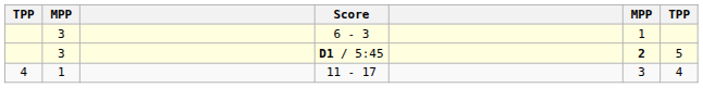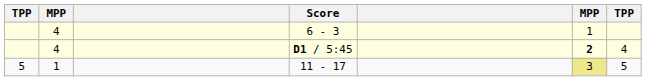 <table class="wikitable" style="text-align: center;" |>
 <tr>
 <th width="35">TPP</th>
 <th width="35">MPP</th>
 <th width="250"></th>
 <th width="75">Score</th>
 <th width="250"></th>
 <th width="35">MPP</th>
 <th width="35">TPP</th>
 </tr>
 <tr bgcolor=lightyellow>
 <td></td>
-<td>3</td>
+<td>4</td>
 <td style="text-align:left;"></td>
 <td>6 - 3</td>
 <td style="text-align:left;"><strong></strong></td>
 <td>1</td>
 <td></td>
 </tr>
 <tr bgcolor=lightyellow>
 <td></td>
-<td>3</td>
+<td>4</td>
 <td style="text-align:left;"></td>
 <td><strong>D1</strong> / 5:45</td>
 <td style="text-align:left;"><strong></strong></td>
 <td><strong>2</strong></td>
-<td>5</td>
+<td>4</td>
 </tr>
 <tr>
-<td>4</td>
+<td>5</td>
 <td>1</td>
 <td style="text-align:left;"><strong></strong></td>
 <td>11 - 17</td>
 <td style="text-align:left;"></td>
-<td>3</td>
-<td>4</td>
+<td style="background: khaki;">3</td>
+<td>5</td>
 </tr>
 </table>
